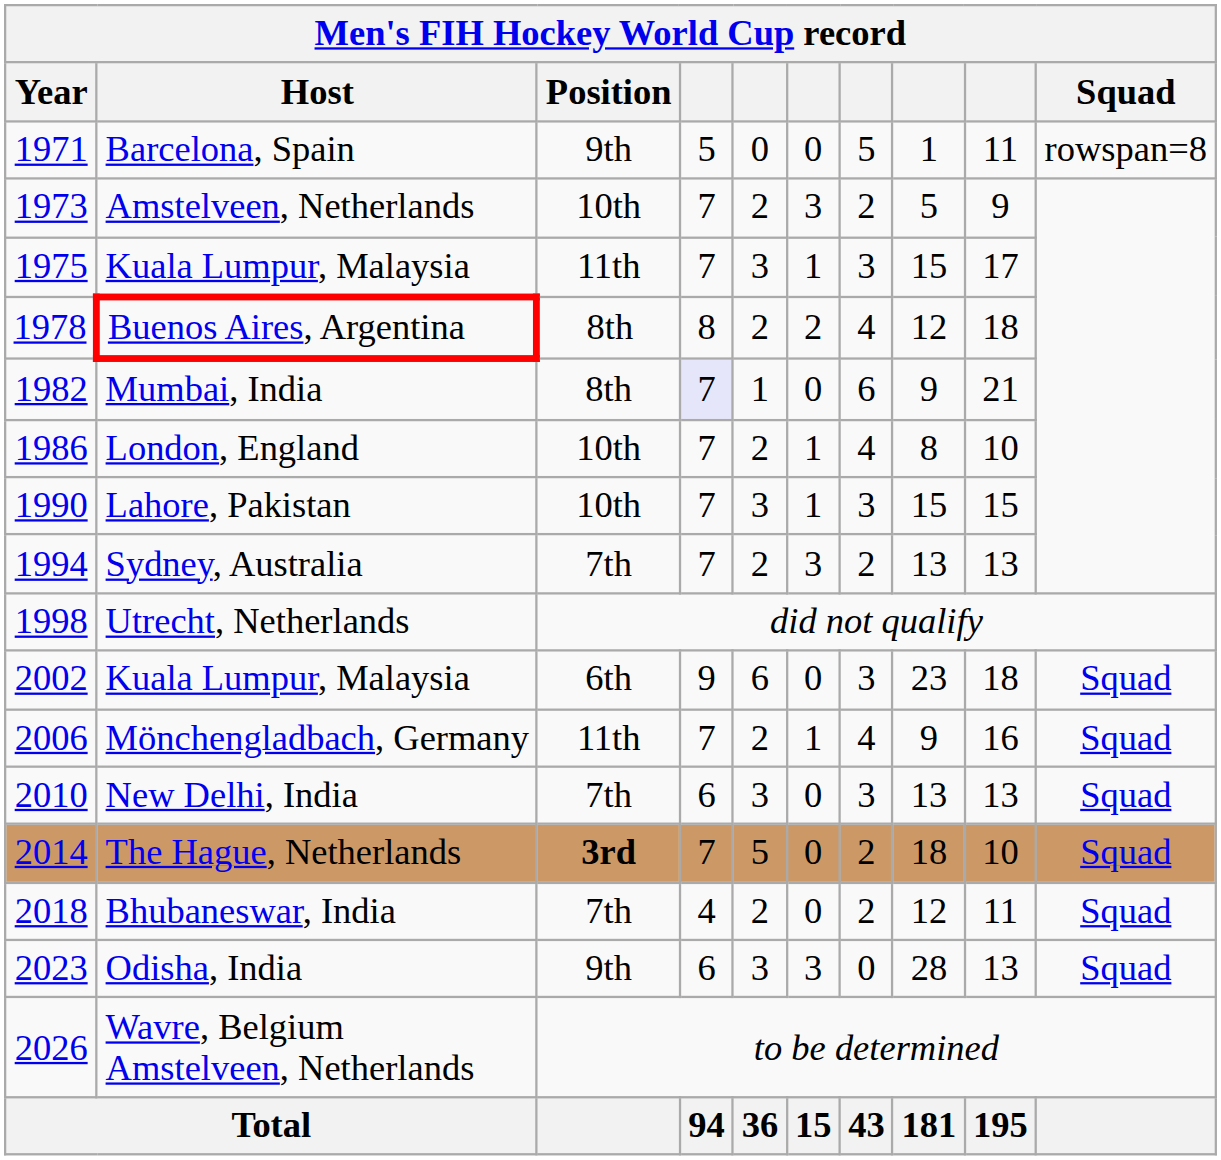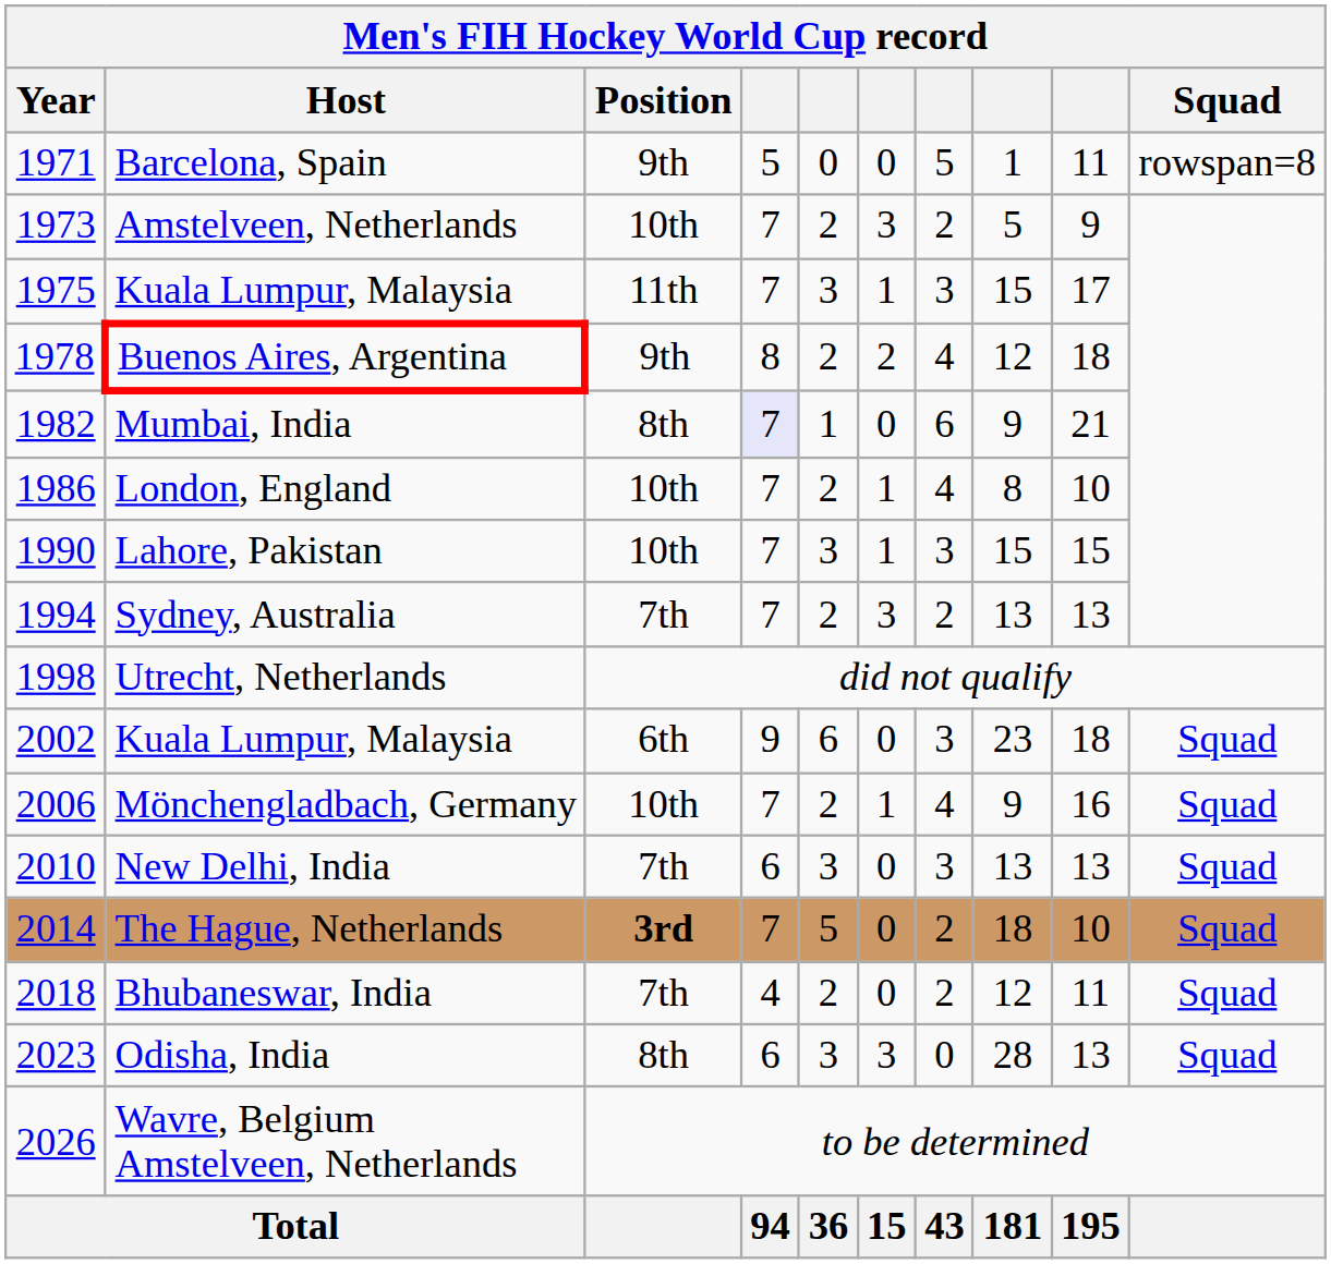 <table class="wikitable" style="text-align: center;">
 <tr>
 <th colspan=10><a href='#'>Men's FIH Hockey World Cup</a> record</th>
 </tr>
 <tr>
 <th>Year</th>
 <th>Host</th>
 <th>Position</th>
 <th></th>
 <th></th>
 <th></th>
 <th></th>
 <th></th>
 <th></th>
 <th>Squad</th>
 </tr>
 <tr>
 <td><a href='#'>1971</a></td>
 <td align=left> <a href='#'>Barcelona</a>, Spain</td>
 <td>9th</td>
 <td>5</td>
 <td>0</td>
 <td>0</td>
 <td>5</td>
 <td>1</td>
 <td>11</td>
 <td>rowspan=8 </td>
 </tr>
 <tr>
 <td><a href='#'>1973</a></td>
 <td align=left> <a href='#'>Amstelveen</a>, Netherlands</td>
 <td>10th</td>
 <td>7</td>
 <td>2</td>
 <td>3</td>
 <td>2</td>
 <td>5</td>
 <td>9</td>
 </tr>
 <tr>
 <td><a href='#'>1975</a></td>
 <td align=left> <a href='#'>Kuala Lumpur</a>, Malaysia</td>
 <td>11th</td>
 <td>7</td>
 <td>3</td>
 <td>1</td>
 <td>3</td>
 <td>15</td>
 <td>17</td>
 </tr>
 <tr>
 <td><a href='#'>1978</a></td>
 <td align=left style="border: 3px solid red"> <a href='#'>Buenos Aires</a>, Argentina</td>
-<td>8th</td>
+<td>9th</td>
 <td>8</td>
 <td>2</td>
 <td>2</td>
 <td>4</td>
 <td>12</td>
 <td>18</td>
 </tr>
 <tr>
 <td><a href='#'>1982</a></td>
 <td align=left> <a href='#'>Mumbai</a>, India</td>
 <td>8th</td>
 <td style="background: lavender;">7</td>
 <td>1</td>
 <td>0</td>
 <td>6</td>
 <td>9</td>
 <td>21</td>
 </tr>
 <tr>
 <td><a href='#'>1986</a></td>
 <td align=left> <a href='#'>London</a>, England</td>
 <td>10th</td>
 <td>7</td>
 <td>2</td>
 <td>1</td>
 <td>4</td>
 <td>8</td>
 <td>10</td>
 </tr>
 <tr>
 <td><a href='#'>1990</a></td>
 <td align=left> <a href='#'>Lahore</a>, Pakistan</td>
 <td>10th</td>
 <td>7</td>
 <td>3</td>
 <td>1</td>
 <td>3</td>
 <td>15</td>
 <td>15</td>
 </tr>
 <tr>
 <td><a href='#'>1994</a></td>
 <td align=left> <a href='#'>Sydney</a>, Australia</td>
 <td>7th</td>
 <td>7</td>
 <td>2</td>
 <td>3</td>
 <td>2</td>
 <td>13</td>
 <td>13</td>
 </tr>
 <tr>
 <td><a href='#'>1998</a></td>
 <td align=left> <a href='#'>Utrecht</a>, Netherlands</td>
 <td colspan=9><em>did not qualify</em></td>
 </tr>
 <tr>
 <td><a href='#'>2002</a></td>
 <td align=left> <a href='#'>Kuala Lumpur</a>, Malaysia</td>
 <td>6th</td>
 <td>9</td>
 <td>6</td>
 <td>0</td>
 <td>3</td>
 <td>23</td>
 <td>18</td>
 <td><a href='#'>Squad</a></td>
 </tr>
 <tr>
 <td><a href='#'>2006</a></td>
 <td align=left> <a href='#'>Mönchengladbach</a>, Germany</td>
-<td>11th</td>
+<td>10th</td>
 <td>7</td>
 <td>2</td>
 <td>1</td>
 <td>4</td>
 <td>9</td>
 <td>16</td>
 <td><a href='#'>Squad</a></td>
 </tr>
 <tr>
 <td><a href='#'>2010</a></td>
 <td align=left> <a href='#'>New Delhi</a>, India</td>
 <td>7th</td>
 <td>6</td>
 <td>3</td>
 <td>0</td>
 <td>3</td>
 <td>13</td>
 <td>13</td>
 <td><a href='#'>Squad</a></td>
 </tr>
 <tr bgcolor=cc9966>
 <td><a href='#'>2014</a></td>
 <td align=left> <a href='#'>The Hague</a>, Netherlands</td>
 <td><strong>3rd</strong></td>
 <td>7</td>
 <td>5</td>
 <td>0</td>
 <td>2</td>
 <td>18</td>
 <td>10</td>
 <td><a href='#'>Squad</a></td>
 </tr>
 <tr>
 <td><a href='#'>2018</a></td>
 <td align=left> <a href='#'>Bhubaneswar</a>, India</td>
 <td>7th</td>
 <td>4</td>
 <td>2</td>
 <td>0</td>
 <td>2</td>
 <td>12</td>
 <td>11</td>
 <td><a href='#'>Squad</a></td>
 </tr>
 <tr>
 <td><a href='#'>2023</a></td>
 <td align=left> <a href='#'>Odisha</a>, India</td>
-<td>9th</td>
+<td>8th</td>
 <td>6</td>
 <td>3</td>
 <td>3</td>
 <td>0</td>
 <td>28</td>
 <td>13</td>
 <td><a href='#'>Squad</a></td>
 </tr>
 <tr>
 <td><a href='#'>2026</a></td>
 <td align=left> <a href='#'>Wavre</a>, Belgium<br> <a href='#'>Amstelveen</a>, Netherlands</td>
 <td colspan=9><em>to be determined</em></td>
 </tr>
 <tr>
 <th colspan=2>Total</th>
 <th></th>
 <th>94</th>
 <th>36</th>
 <th>15</th>
 <th>43</th>
 <th>181</th>
 <th>195</th>
 <th></th>
 </tr>
 </table>
